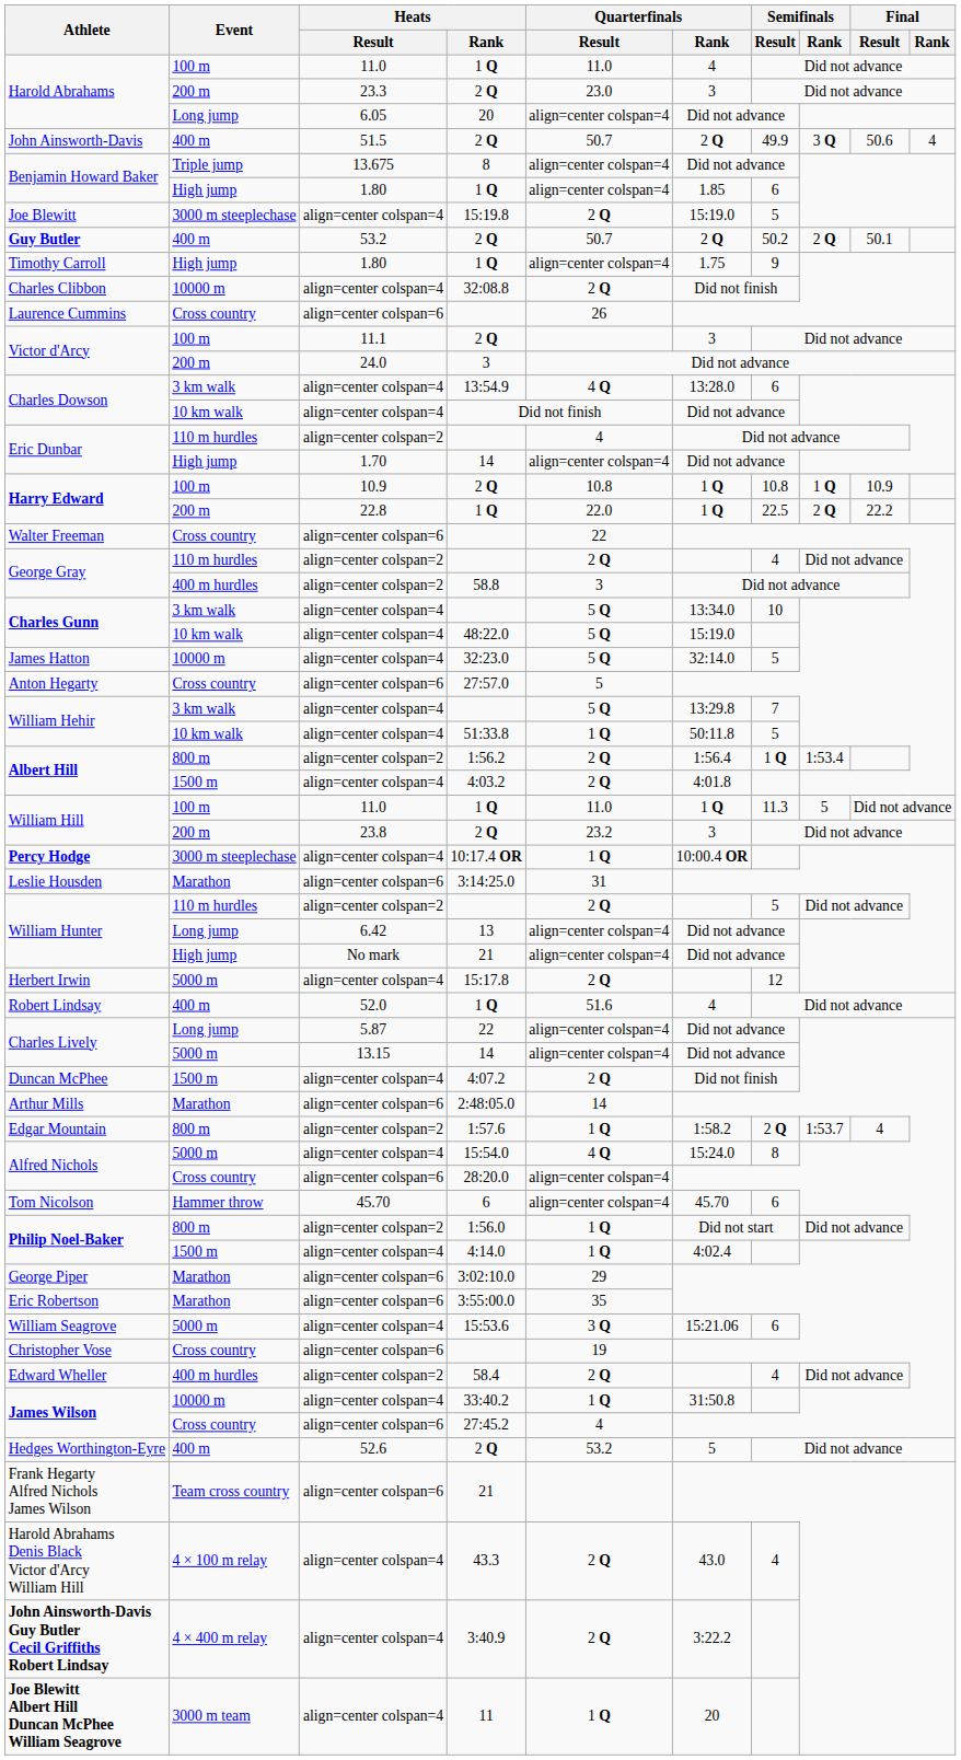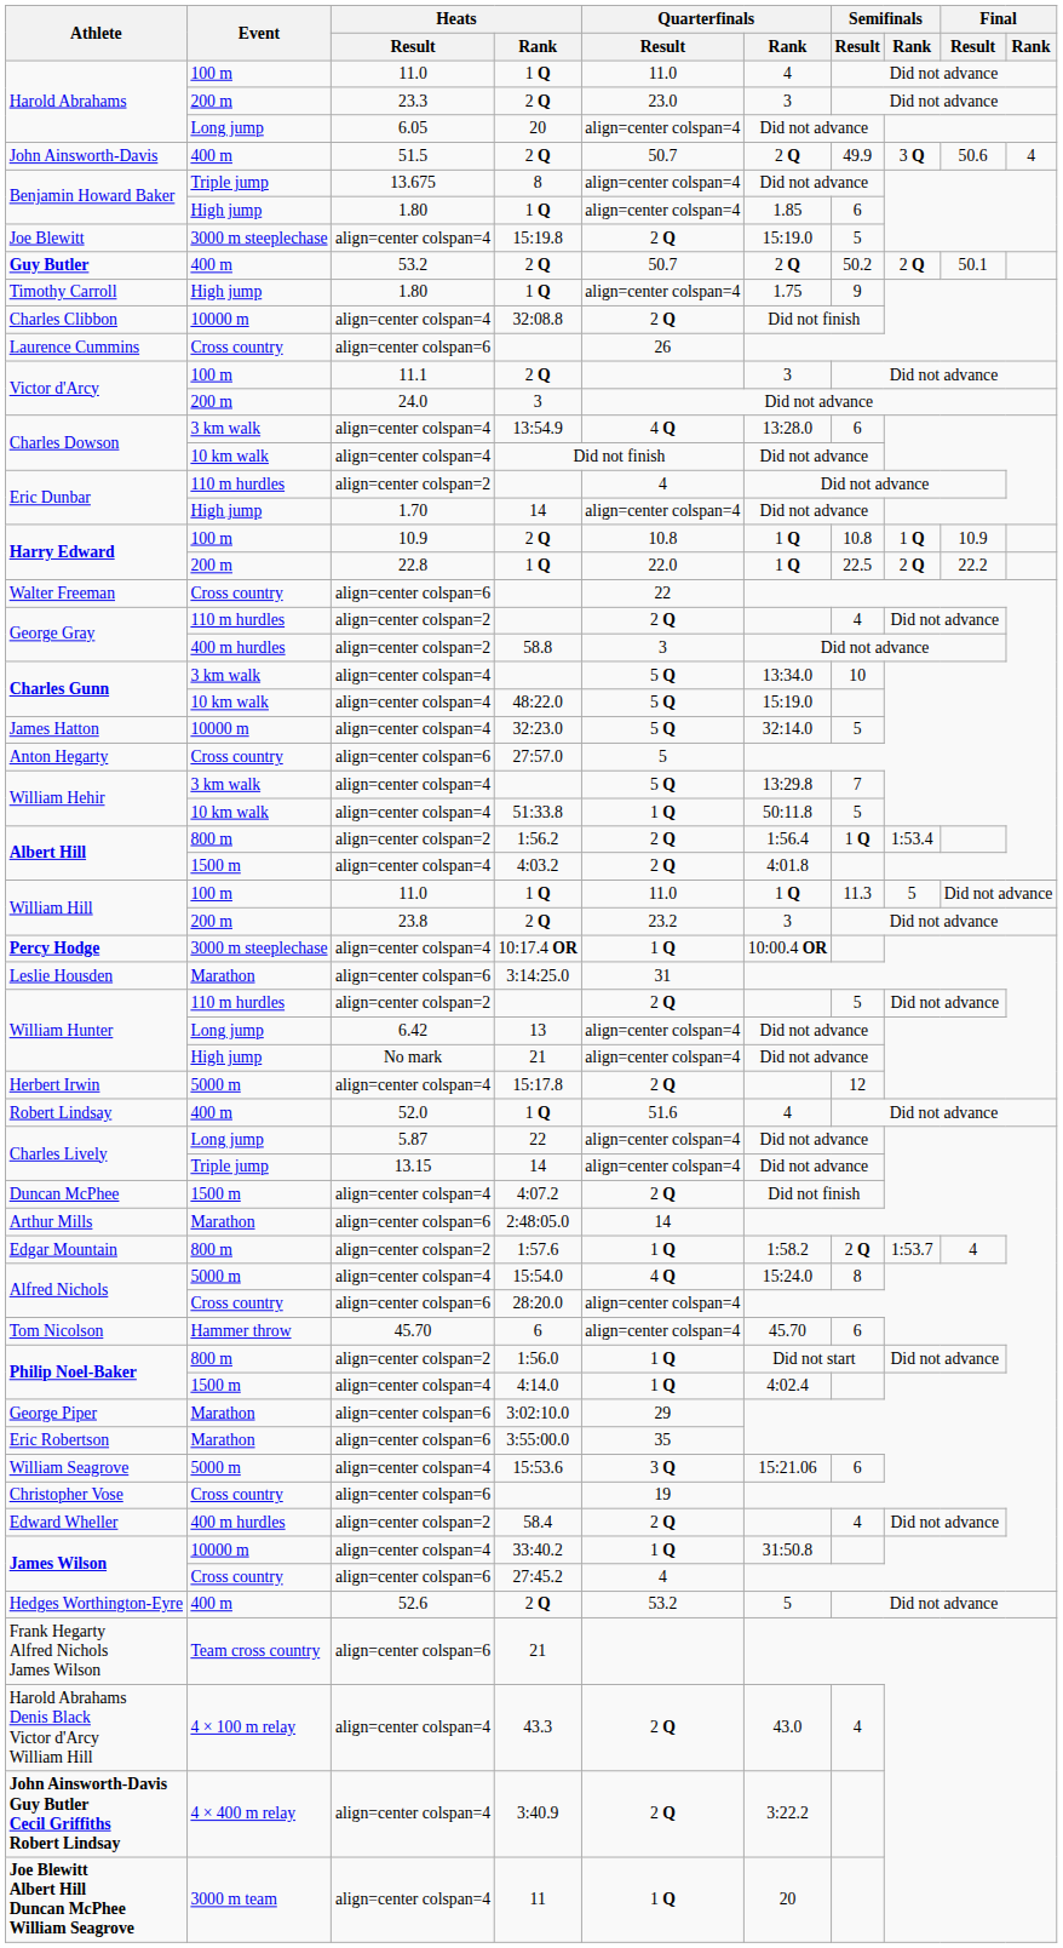 <table class=wikitable style="font-size:90%">
 <tr>
 <th rowspan=2>Athlete</th>
 <th rowspan=2>Event</th>
 <th colspan=2>Heats</th>
 <th colspan=2>Quarterfinals</th>
 <th colspan=2>Semifinals</th>
 <th colspan=2>Final</th>
 </tr>
 <tr>
 <th>Result</th>
 <th>Rank</th>
 <th>Result</th>
 <th>Rank</th>
 <th>Result</th>
 <th>Rank</th>
 <th>Result</th>
 <th>Rank</th>
 </tr>
 <tr>
 <td rowspan=3><a href='#'>Harold Abrahams</a></td>
 <td><a href='#'>100 m</a></td>
 <td align=center>11.0</td>
 <td align=center>1 <strong>Q</strong></td>
 <td align=center>11.0</td>
 <td align=center>4</td>
 <td align=center colspan=4>Did not advance</td>
 </tr>
 <tr>
 <td><a href='#'>200 m</a></td>
 <td align=center>23.3</td>
 <td align=center>2 <strong>Q</strong></td>
 <td align=center>23.0</td>
 <td align=center>3</td>
 <td align=center colspan=4>Did not advance</td>
 </tr>
 <tr>
 <td><a href='#'>Long jump</a></td>
 <td align=center>6.05</td>
 <td align=center>20</td>
 <td>align=center colspan=4 </td>
 <td align=center colspan=2>Did not advance</td>
 </tr>
 <tr>
 <td><a href='#'>John Ainsworth-Davis</a></td>
 <td><a href='#'>400 m</a></td>
 <td align=center>51.5</td>
 <td align=center>2 <strong>Q</strong></td>
 <td align=center>50.7</td>
 <td align=center>2 <strong>Q</strong></td>
 <td align=center>49.9</td>
 <td align=center>3 <strong>Q</strong></td>
 <td align=center>50.6</td>
 <td align=center>4</td>
 </tr>
 <tr>
 <td rowspan=2><a href='#'>Benjamin Howard Baker</a></td>
 <td><a href='#'>Triple jump</a></td>
 <td align=center>13.675</td>
 <td align=center>8</td>
 <td>align=center colspan=4 </td>
 <td align=center colspan=2>Did not advance</td>
 </tr>
 <tr>
 <td><a href='#'>High jump</a></td>
 <td align=center>1.80</td>
 <td align=center>1 <strong>Q</strong></td>
 <td>align=center colspan=4 </td>
 <td align=center>1.85</td>
 <td align=center>6</td>
 </tr>
 <tr>
 <td><a href='#'>Joe Blewitt</a></td>
 <td><a href='#'>3000 m steeplechase</a></td>
 <td>align=center colspan=4 </td>
 <td align=center>15:19.8</td>
 <td align=center>2 <strong>Q</strong></td>
 <td align=center>15:19.0</td>
 <td align=center>5</td>
 </tr>
 <tr>
 <td><strong><a href='#'>Guy Butler</a></strong></td>
 <td><a href='#'>400 m</a></td>
 <td align=center>53.2</td>
 <td align=center>2 <strong>Q</strong></td>
 <td align=center>50.7</td>
 <td align=center>2 <strong>Q</strong></td>
 <td align=center>50.2</td>
 <td align=center>2 <strong>Q</strong></td>
 <td align=center>50.1</td>
 <td align=center></td>
 </tr>
 <tr>
 <td><a href='#'>Timothy Carroll</a></td>
 <td><a href='#'>High jump</a></td>
 <td align=center>1.80</td>
 <td align=center>1 <strong>Q</strong></td>
 <td>align=center colspan=4 </td>
 <td align=center>1.75</td>
 <td align=center>9</td>
 </tr>
 <tr>
 <td><a href='#'>Charles Clibbon</a></td>
 <td><a href='#'>10000 m</a></td>
 <td>align=center colspan=4 </td>
 <td align=center>32:08.8</td>
 <td align=center>2 <strong>Q</strong></td>
 <td align=center colspan=2>Did not finish</td>
 </tr>
 <tr>
 <td><a href='#'>Laurence Cummins</a></td>
 <td><a href='#'>Cross country</a></td>
 <td>align=center colspan=6 </td>
 <td align=center></td>
 <td align=center>26</td>
 </tr>
 <tr>
 <td rowspan=2><a href='#'>Victor d'Arcy</a></td>
 <td><a href='#'>100 m</a></td>
 <td align=center>11.1</td>
 <td align=center>2 <strong>Q</strong></td>
 <td align=center></td>
 <td align=center>3</td>
 <td align=center colspan=4>Did not advance</td>
 </tr>
 <tr>
 <td><a href='#'>200 m</a></td>
 <td align=center>24.0</td>
 <td align=center>3</td>
 <td align=center colspan=6>Did not advance</td>
 </tr>
 <tr>
 <td rowspan=2><a href='#'>Charles Dowson</a></td>
 <td><a href='#'>3 km walk</a></td>
 <td>align=center colspan=4 </td>
 <td align=center>13:54.9</td>
 <td align=center>4 <strong>Q</strong></td>
 <td align=center>13:28.0</td>
 <td align=center>6</td>
 </tr>
 <tr>
 <td><a href='#'>10 km walk</a></td>
 <td>align=center colspan=4 </td>
 <td align=center colspan=2>Did not finish</td>
 <td align=center colspan=2>Did not advance</td>
 </tr>
 <tr>
 <td rowspan=2><a href='#'>Eric Dunbar</a></td>
 <td><a href='#'>110 m hurdles</a></td>
 <td>align=center colspan=2 </td>
 <td align=center></td>
 <td align=center>4</td>
 <td align=center colspan=4>Did not advance</td>
 </tr>
 <tr>
 <td><a href='#'>High jump</a></td>
 <td align=center>1.70</td>
 <td align=center>14</td>
 <td>align=center colspan=4 </td>
 <td align=center colspan=2>Did not advance</td>
 </tr>
 <tr>
 <td rowspan=2><strong><a href='#'>Harry Edward</a></strong></td>
 <td><a href='#'>100 m</a></td>
 <td align=center>10.9</td>
 <td align=center>2 <strong>Q</strong></td>
 <td align=center>10.8</td>
 <td align=center>1 <strong>Q</strong></td>
 <td align=center>10.8</td>
 <td align=center>1 <strong>Q</strong></td>
 <td align=center>10.9</td>
 <td align=center></td>
 </tr>
 <tr>
 <td><a href='#'>200 m</a></td>
 <td align=center>22.8</td>
 <td align=center>1 <strong>Q</strong></td>
 <td align=center>22.0</td>
 <td align=center>1 <strong>Q</strong></td>
 <td align=center>22.5</td>
 <td align=center>2 <strong>Q</strong></td>
 <td align=center>22.2</td>
 <td align=center></td>
 </tr>
 <tr>
 <td><a href='#'>Walter Freeman</a></td>
 <td><a href='#'>Cross country</a></td>
 <td>align=center colspan=6 </td>
 <td align=center></td>
 <td align=center>22</td>
 </tr>
 <tr>
 <td rowspan=2><a href='#'>George Gray</a></td>
 <td><a href='#'>110 m hurdles</a></td>
 <td>align=center colspan=2 </td>
 <td align=center></td>
 <td align=center>2 <strong>Q</strong></td>
 <td align=center></td>
 <td align=center>4</td>
 <td align=center colspan=2>Did not advance</td>
 </tr>
 <tr>
 <td><a href='#'>400 m hurdles</a></td>
 <td>align=center colspan=2 </td>
 <td align=center>58.8</td>
 <td align=center>3</td>
 <td align=center colspan=4>Did not advance</td>
 </tr>
 <tr>
 <td rowspan=2><strong><a href='#'>Charles Gunn</a></strong></td>
 <td><a href='#'>3 km walk</a></td>
 <td>align=center colspan=4 </td>
 <td align=center></td>
 <td align=center>5 <strong>Q</strong></td>
 <td align=center>13:34.0</td>
 <td align=center>10</td>
 </tr>
 <tr>
 <td><a href='#'>10 km walk</a></td>
 <td>align=center colspan=4 </td>
 <td align=center>48:22.0</td>
 <td align=center>5 <strong>Q</strong></td>
 <td align=center>15:19.0</td>
 <td align=center></td>
 </tr>
 <tr>
 <td><a href='#'>James Hatton</a></td>
 <td><a href='#'>10000 m</a></td>
 <td>align=center colspan=4 </td>
 <td align=center>32:23.0</td>
 <td align=center>5 <strong>Q</strong></td>
 <td align=center>32:14.0</td>
 <td align=center>5</td>
 </tr>
 <tr>
 <td><a href='#'>Anton Hegarty</a></td>
 <td><a href='#'>Cross country</a></td>
 <td>align=center colspan=6 </td>
 <td align=center>27:57.0</td>
 <td align=center>5</td>
 </tr>
 <tr>
 <td rowspan=2><a href='#'>William Hehir</a></td>
 <td><a href='#'>3 km walk</a></td>
 <td>align=center colspan=4 </td>
 <td align=center></td>
 <td align=center>5 <strong>Q</strong></td>
 <td align=center>13:29.8</td>
 <td align=center>7</td>
 </tr>
 <tr>
 <td><a href='#'>10 km walk</a></td>
 <td>align=center colspan=4 </td>
 <td align=center>51:33.8</td>
 <td align=center>1 <strong>Q</strong></td>
 <td align=center>50:11.8</td>
 <td align=center>5</td>
 </tr>
 <tr>
 <td rowspan=2><strong><a href='#'>Albert Hill</a></strong></td>
 <td><a href='#'>800 m</a></td>
 <td>align=center colspan=2 </td>
 <td align=center>1:56.2</td>
 <td align=center>2 <strong>Q</strong></td>
 <td align=center>1:56.4</td>
 <td align=center>1 <strong>Q</strong></td>
 <td align=center>1:53.4</td>
 <td align=center></td>
 </tr>
 <tr>
 <td><a href='#'>1500 m</a></td>
 <td>align=center colspan=4 </td>
 <td align=center>4:03.2</td>
 <td align=center>2 <strong>Q</strong></td>
 <td align=center>4:01.8</td>
 <td align=center></td>
 </tr>
 <tr>
 <td rowspan=2><a href='#'>William Hill</a></td>
 <td><a href='#'>100 m</a></td>
 <td align=center>11.0</td>
 <td align=center>1 <strong>Q</strong></td>
 <td align=center>11.0</td>
 <td align=center>1 <strong>Q</strong></td>
 <td align=center>11.3</td>
 <td align=center>5</td>
 <td align=center colspan=2>Did not advance</td>
 </tr>
 <tr>
 <td><a href='#'>200 m</a></td>
 <td align=center>23.8</td>
 <td align=center>2 <strong>Q</strong></td>
 <td align=center>23.2</td>
 <td align=center>3</td>
 <td align=center colspan=4>Did not advance</td>
 </tr>
 <tr>
 <td><strong><a href='#'>Percy Hodge</a></strong></td>
 <td><a href='#'>3000 m steeplechase</a></td>
 <td>align=center colspan=4 </td>
 <td align=center>10:17.4 <strong>OR</strong></td>
 <td align=center>1 <strong>Q</strong></td>
 <td align=center>10:00.4 <strong>OR</strong></td>
 <td align=center></td>
 </tr>
 <tr>
 <td><a href='#'>Leslie Housden</a></td>
 <td><a href='#'>Marathon</a></td>
 <td>align=center colspan=6 </td>
 <td align=center>3:14:25.0</td>
 <td align=center>31</td>
 </tr>
 <tr>
 <td rowspan=3><a href='#'>William Hunter</a></td>
 <td><a href='#'>110 m hurdles</a></td>
 <td>align=center colspan=2 </td>
 <td align=center></td>
 <td align=center>2 <strong>Q</strong></td>
 <td align=center></td>
 <td align=center>5</td>
 <td align=center colspan=2>Did not advance</td>
 </tr>
 <tr>
 <td><a href='#'>Long jump</a></td>
 <td align=center>6.42</td>
 <td align=center>13</td>
 <td>align=center colspan=4 </td>
 <td align=center colspan=2>Did not advance</td>
 </tr>
 <tr>
 <td><a href='#'>High jump</a></td>
 <td align=center>No mark</td>
 <td align=center>21</td>
 <td>align=center colspan=4 </td>
 <td align=center colspan=2>Did not advance</td>
 </tr>
 <tr>
 <td><a href='#'>Herbert Irwin</a></td>
 <td><a href='#'>5000 m</a></td>
 <td>align=center colspan=4 </td>
 <td align=center>15:17.8</td>
 <td align=center>2 <strong>Q</strong></td>
 <td align=center></td>
 <td align=center>12</td>
 </tr>
 <tr>
 <td><a href='#'>Robert Lindsay</a></td>
 <td><a href='#'>400 m</a></td>
 <td align=center>52.0</td>
 <td align=center>1 <strong>Q</strong></td>
 <td align=center>51.6</td>
 <td align=center>4</td>
 <td align=center colspan=4>Did not advance</td>
 </tr>
 <tr>
 <td rowspan=2><a href='#'>Charles Lively</a></td>
 <td><a href='#'>Long jump</a></td>
 <td align=center>5.87</td>
 <td align=center>22</td>
 <td>align=center colspan=4 </td>
 <td align=center colspan=2>Did not advance</td>
 </tr>
 <tr>
-<td><a href='#'>5000 m</a></td>
+<td><a href='#'>Triple jump</a></td>
 <td align=center>13.15</td>
 <td align=center>14</td>
 <td>align=center colspan=4 </td>
 <td align=center colspan=2>Did not advance</td>
 </tr>
 <tr>
 <td><a href='#'>Duncan McPhee</a></td>
 <td><a href='#'>1500 m</a></td>
 <td>align=center colspan=4 </td>
 <td align=center>4:07.2</td>
 <td align=center>2 <strong>Q</strong></td>
 <td align=center colspan=2>Did not finish</td>
 </tr>
 <tr>
 <td><a href='#'>Arthur Mills</a></td>
 <td><a href='#'>Marathon</a></td>
 <td>align=center colspan=6 </td>
 <td align=center>2:48:05.0</td>
 <td align=center>14</td>
 </tr>
 <tr>
 <td><a href='#'>Edgar Mountain</a></td>
 <td><a href='#'>800 m</a></td>
 <td>align=center colspan=2 </td>
 <td align=center>1:57.6</td>
 <td align=center>1 <strong>Q</strong></td>
 <td align=center>1:58.2</td>
 <td align=center>2 <strong>Q</strong></td>
 <td align=center>1:53.7</td>
 <td align=center>4</td>
 </tr>
 <tr>
 <td rowspan=2><a href='#'>Alfred Nichols</a></td>
 <td><a href='#'>5000 m</a></td>
 <td>align=center colspan=4 </td>
 <td align=center>15:54.0</td>
 <td align=center>4 <strong>Q</strong></td>
 <td align=center>15:24.0</td>
 <td align=center>8</td>
 </tr>
 <tr>
 <td><a href='#'>Cross country</a></td>
 <td>align=center colspan=6 </td>
 <td align=center>28:20.0</td>
 <td>align=center colspan=4 </td>
 </tr>
 <tr>
 <td><a href='#'>Tom Nicolson</a></td>
 <td><a href='#'>Hammer throw</a></td>
 <td align=center>45.70</td>
 <td align=center>6</td>
 <td>align=center colspan=4 </td>
 <td align=center>45.70</td>
 <td align=center>6</td>
 </tr>
 <tr>
 <td rowspan=2><strong><a href='#'>Philip Noel-Baker</a></strong></td>
 <td><a href='#'>800 m</a></td>
 <td>align=center colspan=2 </td>
 <td align=center>1:56.0</td>
 <td align=center>1 <strong>Q</strong></td>
 <td align=center colspan=2>Did not start</td>
 <td align=center colspan=2>Did not advance</td>
 </tr>
 <tr>
 <td><a href='#'>1500 m</a></td>
 <td>align=center colspan=4 </td>
 <td align=center>4:14.0</td>
 <td align=center>1 <strong>Q</strong></td>
 <td align=center>4:02.4</td>
 <td align=center></td>
 </tr>
 <tr>
 <td><a href='#'>George Piper</a></td>
 <td><a href='#'>Marathon</a></td>
 <td>align=center colspan=6 </td>
 <td align=center>3:02:10.0</td>
 <td align=center>29</td>
 </tr>
 <tr>
 <td><a href='#'>Eric Robertson</a></td>
 <td><a href='#'>Marathon</a></td>
 <td>align=center colspan=6 </td>
 <td align=center>3:55:00.0</td>
 <td align=center>35</td>
 </tr>
 <tr>
 <td><a href='#'>William Seagrove</a></td>
 <td><a href='#'>5000 m</a></td>
 <td>align=center colspan=4 </td>
 <td align=center>15:53.6</td>
 <td align=center>3 <strong>Q</strong></td>
 <td align=center>15:21.06</td>
 <td align=center>6</td>
 </tr>
 <tr>
 <td><a href='#'>Christopher Vose</a></td>
 <td><a href='#'>Cross country</a></td>
 <td>align=center colspan=6 </td>
 <td align=center></td>
 <td align=center>19</td>
 </tr>
 <tr>
 <td><a href='#'>Edward Wheller</a></td>
 <td><a href='#'>400 m hurdles</a></td>
 <td>align=center colspan=2 </td>
 <td align=center>58.4</td>
 <td align=center>2 <strong>Q</strong></td>
 <td align=center></td>
 <td align=center>4</td>
 <td align=center colspan=2>Did not advance</td>
 </tr>
 <tr>
 <td rowspan=2><strong><a href='#'>James Wilson</a></strong></td>
 <td><a href='#'>10000 m</a></td>
 <td>align=center colspan=4 </td>
 <td align=center>33:40.2</td>
 <td align=center>1 <strong>Q</strong></td>
 <td align=center>31:50.8</td>
 <td align=center></td>
 </tr>
 <tr>
 <td><a href='#'>Cross country</a></td>
 <td>align=center colspan=6 </td>
 <td align=center>27:45.2</td>
 <td align=center>4</td>
 </tr>
 <tr>
 <td><a href='#'>Hedges Worthington-Eyre</a></td>
 <td><a href='#'>400 m</a></td>
 <td align=center>52.6</td>
 <td align=center>2 <strong>Q</strong></td>
 <td align=center>53.2</td>
 <td align=center>5</td>
 <td align=center colspan=4>Did not advance</td>
 </tr>
 <tr>
 <td>Frank Hegarty <br> Alfred Nichols <br> James Wilson</td>
 <td><a href='#'>Team cross country</a></td>
 <td>align=center colspan=6 </td>
 <td align=center>21</td>
 <td align=center></td>
 </tr>
 <tr>
 <td>Harold Abrahams <br> <a href='#'>Denis Black</a> <br> Victor d'Arcy <br> William Hill</td>
 <td><a href='#'>4 × 100 m relay</a></td>
 <td>align=center colspan=4 </td>
 <td align=center>43.3</td>
 <td align=center>2 <strong>Q</strong></td>
 <td align=center>43.0</td>
 <td align=center>4</td>
 </tr>
 <tr>
 <td><strong>John Ainsworth-Davis <br> Guy Butler <br> <a href='#'>Cecil Griffiths</a> <br> Robert Lindsay</strong></td>
 <td><a href='#'>4 × 400 m relay</a></td>
 <td>align=center colspan=4 </td>
 <td align=center>3:40.9</td>
 <td align=center>2 <strong>Q</strong></td>
 <td align=center>3:22.2</td>
 <td align=center></td>
 </tr>
 <tr>
 <td><strong>Joe Blewitt <br> Albert Hill <br> Duncan McPhee <br> William Seagrove</strong></td>
 <td><a href='#'>3000 m team</a></td>
 <td>align=center colspan=4 </td>
 <td align=center>11</td>
 <td align=center>1 <strong>Q</strong></td>
 <td align=center>20</td>
 <td align=center></td>
 </tr>
 </table>
